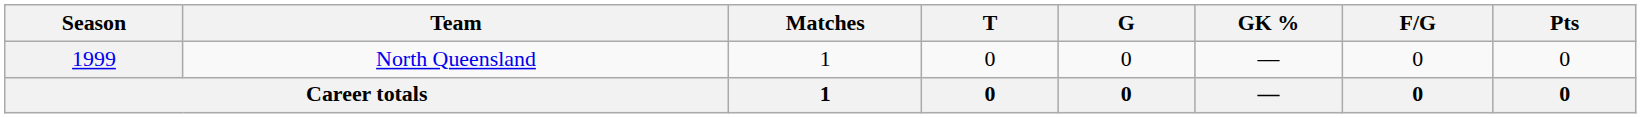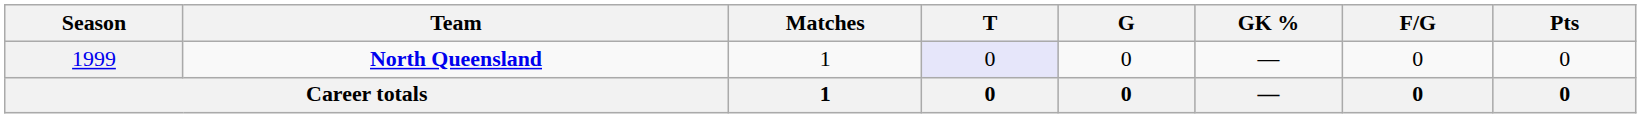 <table class="wikitable sortable"  style="font-size:90%; text-align:center; width:85%;">
 <tr>
 <th width=2%>Season</th>
 <th width=8%>Team</th>
 <th width=2%>Matches</th>
 <th width=2%>T</th>
 <th width=2%>G</th>
 <th width=2%>GK %</th>
 <th width=2%>F/G</th>
 <th width=2%>Pts</th>
 </tr>
 <tr>
 <th scope="row" style="text-align:center; font-weight:normal"><a href='#'>1999</a></th>
-<td style="text-align:center;"> <a href='#'>North Queensland</a></td>
+<td style="text-align:center;"><strong> <a href='#'>North Queensland</a></strong></td>
 <td>1</td>
-<td>0</td>
+<td style="background: lavender;">0</td>
 <td>0</td>
 <td>—</td>
 <td>0</td>
 <td>0</td>
 </tr>
 <tr class="sortbottom">
 <th colspan=2>Career totals</th>
 <th>1</th>
 <th>0</th>
 <th>0</th>
 <th>—</th>
 <th>0</th>
 <th>0</th>
 </tr>
 </table>
